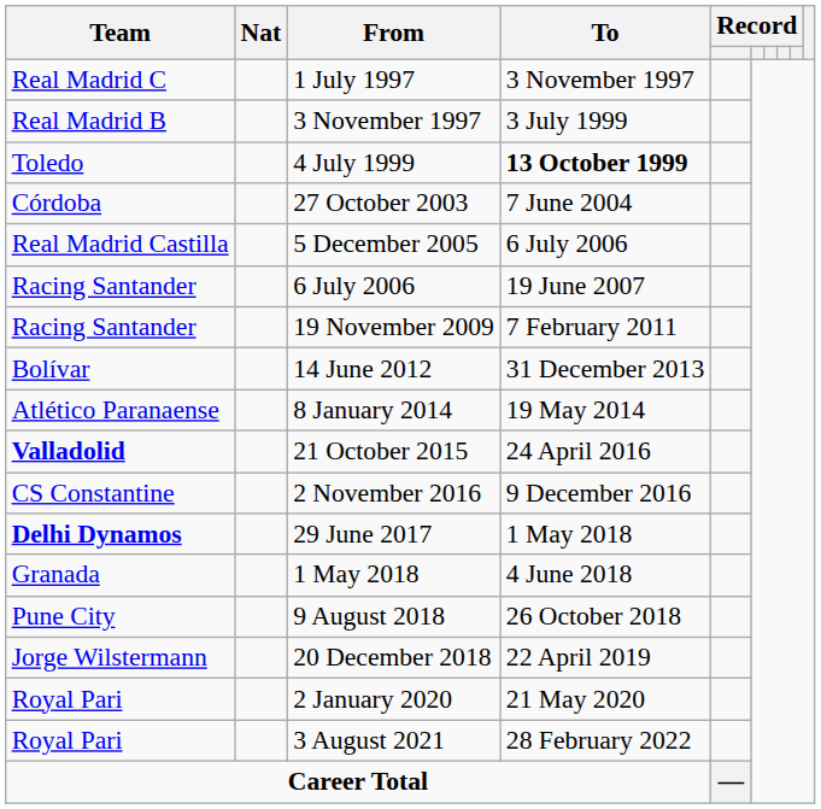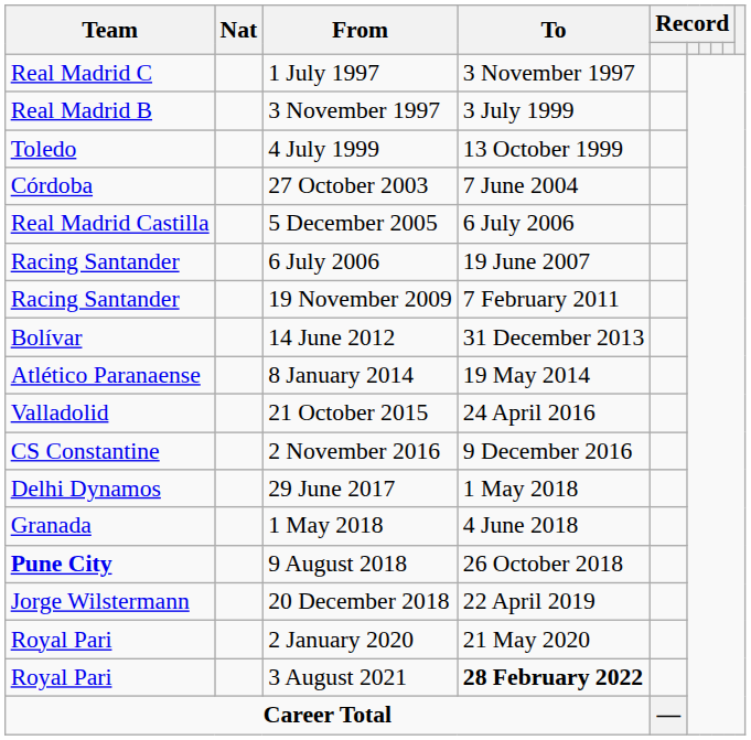 <table class="wikitable" style="text-align: center">
 <tr>
 <th rowspan="2">Team</th>
 <th rowspan="2">Nat</th>
 <th rowspan="2">From</th>
 <th rowspan="2">To</th>
 <th colspan="5">Record</th>
 <th rowspan=2></th>
 </tr>
 <tr>
 <th></th>
 <th></th>
 <th></th>
 <th></th>
 <th></th>
 </tr>
 <tr>
 <td align="left"><a href='#'>Real Madrid C</a></td>
 <td></td>
 <td align=left>1 July 1997</td>
 <td align=left>3 November 1997<br></td>
 <td></td>
 </tr>
 <tr>
 <td align="left"><a href='#'>Real Madrid B</a></td>
 <td></td>
 <td align=left>3 November 1997</td>
 <td align=left>3 July 1999<br></td>
 <td></td>
 </tr>
 <tr>
 <td align="left"><a href='#'>Toledo</a></td>
 <td></td>
 <td align=left>4 July 1999</td>
-<td align=left><strong>13 October 1999<br></strong></td>
+<td align=left>13 October 1999<br></td>
 <td></td>
 </tr>
 <tr>
 <td align="left"><a href='#'>Córdoba</a></td>
 <td></td>
 <td align=left>27 October 2003</td>
 <td align=left>7 June 2004<br></td>
 <td></td>
 </tr>
 <tr>
 <td align="left"><a href='#'>Real Madrid Castilla</a></td>
 <td></td>
 <td align=left>5 December 2005</td>
 <td align=left>6 July 2006<br></td>
 <td></td>
 </tr>
 <tr>
 <td align="left"><a href='#'>Racing Santander</a></td>
 <td></td>
 <td align=left>6 July 2006</td>
 <td align=left>19 June 2007<br></td>
 <td></td>
 </tr>
 <tr>
 <td align="left"><a href='#'>Racing Santander</a></td>
 <td></td>
 <td align=left>19 November 2009</td>
 <td align=left>7 February 2011<br></td>
 <td></td>
 </tr>
 <tr>
 <td align="left"><a href='#'>Bolívar</a></td>
 <td></td>
 <td align=left>14 June 2012</td>
 <td align=left>31 December 2013<br></td>
 <td></td>
 </tr>
 <tr>
 <td align="left"><a href='#'>Atlético Paranaense</a></td>
 <td></td>
 <td align=left>8 January 2014</td>
 <td align=left>19 May 2014<br></td>
 <td></td>
 </tr>
 <tr>
-<td align="left"><strong><a href='#'>Valladolid</a></strong></td>
+<td align="left"><a href='#'>Valladolid</a></td>
 <td></td>
 <td align=left>21 October 2015</td>
 <td align=left>24 April 2016<br></td>
 <td></td>
 </tr>
 <tr>
 <td align="left"><a href='#'>CS Constantine</a></td>
 <td></td>
 <td align=left>2 November 2016</td>
 <td align=left>9 December 2016<br></td>
 <td></td>
 </tr>
 <tr>
-<td align="left"><strong><a href='#'>Delhi Dynamos</a></strong></td>
+<td align="left"><a href='#'>Delhi Dynamos</a></td>
 <td></td>
 <td align=left>29 June 2017</td>
 <td align=left>1 May 2018<br></td>
 <td></td>
 </tr>
 <tr>
 <td align="left"><a href='#'>Granada</a></td>
 <td></td>
 <td align=left>1 May 2018</td>
 <td align=left>4 June 2018<br></td>
 <td></td>
 </tr>
 <tr>
-<td align="left"><a href='#'>Pune City</a></td>
+<td align="left"><strong><a href='#'>Pune City</a></strong></td>
 <td></td>
 <td align=left>9 August 2018</td>
 <td align=left>26 October 2018<br></td>
 <td></td>
 </tr>
 <tr>
 <td align="left"><a href='#'>Jorge Wilstermann</a></td>
 <td></td>
 <td align=left>20 December 2018</td>
 <td align=left>22 April 2019<br></td>
 <td></td>
 </tr>
 <tr>
 <td align="left"><a href='#'>Royal Pari</a></td>
 <td></td>
 <td align=left>2 January 2020</td>
 <td align=left>21 May 2020<br></td>
 <td></td>
 </tr>
 <tr>
 <td align="left"><a href='#'>Royal Pari</a></td>
 <td></td>
 <td align=left>3 August 2021</td>
-<td align=left>28 February 2022<br></td>
+<td align=left><strong>28 February 2022<br></strong></td>
 <td></td>
 </tr>
 <tr>
 <td colspan=4><strong>Career Total</strong><br></td>
 <th>—</th>
 </tr>
 </table>
